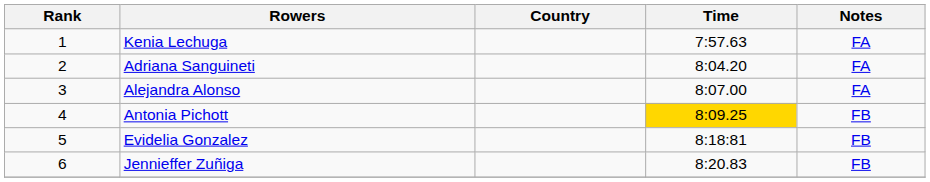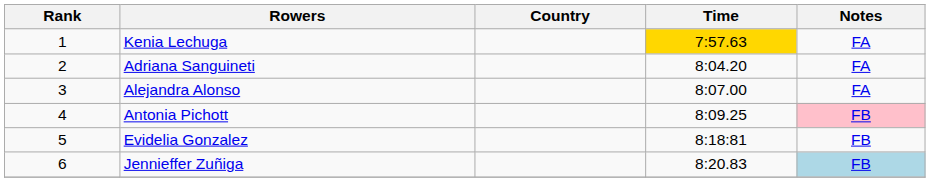 <table class="wikitable" width=60% style="text-align:center">
 <tr>
 <th>Rank</th>
 <th>Rowers</th>
 <th>Country</th>
 <th>Time</th>
 <th>Notes</th>
 </tr>
 <tr>
 <td>1</td>
 <td align=left><a href='#'>Kenia Lechuga</a></td>
 <td align=left></td>
-<td>7:57.63</td>
+<td style="background: gold;">7:57.63</td>
 <td><a href='#'>FA</a></td>
 </tr>
 <tr>
 <td>2</td>
 <td align=left><a href='#'>Adriana Sanguineti</a></td>
 <td align=left></td>
 <td>8:04.20</td>
 <td><a href='#'>FA</a></td>
 </tr>
 <tr>
 <td>3</td>
 <td align=left><a href='#'>Alejandra Alonso</a></td>
 <td align=left></td>
 <td>8:07.00</td>
 <td><a href='#'>FA</a></td>
 </tr>
 <tr>
 <td>4</td>
 <td align=left><a href='#'>Antonia Pichott</a></td>
 <td align=left></td>
-<td style="background: gold;">8:09.25</td>
-<td><a href='#'>FB</a></td>
+<td>8:09.25</td>
+<td style="background: pink;"><a href='#'>FB</a></td>
 </tr>
 <tr>
 <td>5</td>
 <td align=left><a href='#'>Evidelia Gonzalez</a></td>
 <td align=left></td>
 <td>8:18:81</td>
 <td><a href='#'>FB</a></td>
 </tr>
 <tr>
 <td>6</td>
 <td align=left><a href='#'>Jennieffer Zuñiga</a></td>
 <td align=left></td>
 <td>8:20.83</td>
-<td><a href='#'>FB</a></td>
+<td style="background: lightblue;"><a href='#'>FB</a></td>
 </tr>
 <tr>
 </tr>
 </table>
